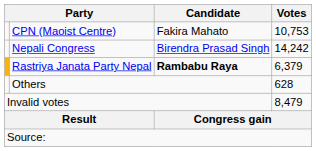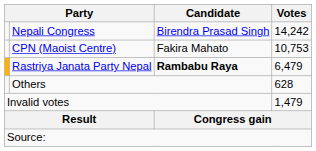 <table class="wikitable">
 <tr>
 <th colspan="2">Party</th>
 <th>Candidate</th>
 <th>Votes</th>
 </tr>
 <tr>
 <td style="background-color:"></td>
+<td><a href='#'>Nepali Congress</a></td>
+<td><a href='#'>Birendra Prasad Singh</a></td>
+<td>14,242</td>
+</tr>
+<tr>
+<td style="background-color:"></td>
 <td><a href='#'>CPN (Maoist Centre)</a></td>
 <td>Fakira Mahato</td>
 <td>10,753</td>
 </tr>
 <tr>
-<td style="background-color:"></td>
-<td><a href='#'>Nepali Congress</a></td>
-<td><a href='#'>Birendra Prasad Singh</a></td>
-<td>14,242</td>
-</tr>
-<tr>
 <td style="background-color:#ffb300"></td>
 <td><a href='#'>Rastriya Janata Party Nepal</a></td>
 <td><strong>Rambabu Raya</strong></td>
-<td>6,379</td>
+<td>6,479</td>
 </tr>
 <tr>
 <td></td>
 <td colspan="2">Others</td>
 <td>628</td>
 </tr>
 <tr>
 <td colspan="3">Invalid votes</td>
-<td>8,479</td>
+<td>1,479</td>
 </tr>
 <tr>
 <th colspan="2">Result</th>
 <th colspan="2">Congress gain</th>
 </tr>
 <tr>
 <td colspan="4">Source: </td>
 </tr>
 </table>
